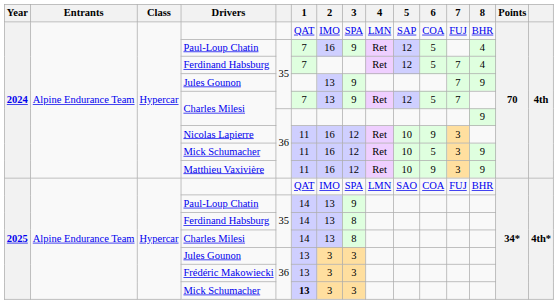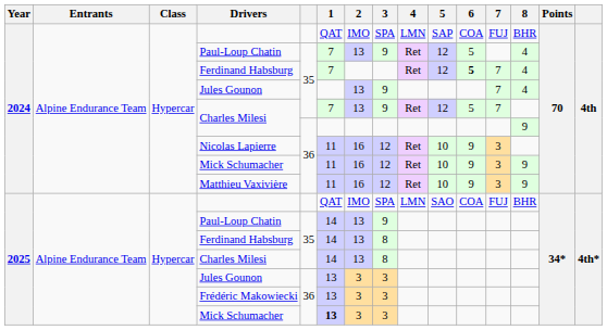 <table class="wikitable" style="text-align:center; font-size:90%">
 <tr>
 <th>Year</th>
 <th>Entrants</th>
 <th>Class</th>
 <th>Drivers</th>
 <th></th>
 <th>1</th>
 <th>2</th>
 <th>3</th>
 <th>4</th>
 <th>5</th>
 <th>6</th>
 <th>7</th>
 <th>8</th>
 <th>Points</th>
 <th></th>
 </tr>
 <tr>
 <th rowspan="9"><a href='#'>2024</a></th>
 <td rowspan="9"><a href='#'>Alpine Endurance Team</a></td>
 <td rowspan="9"><a href='#'>Hypercar</a></td>
 <td></td>
 <td></td>
 <td><a href='#'>QAT</a></td>
 <td><a href='#'>IMO</a></td>
 <td><a href='#'>SPA</a></td>
 <td><a href='#'>LMN</a></td>
 <td><a href='#'>SAP</a></td>
 <td><a href='#'>COA</a></td>
 <td><a href='#'>FUJ</a></td>
 <td><a href='#'>BHR</a></td>
 <th rowspan="9">70</th>
 <th rowspan="9">4th</th>
 </tr>
 <tr>
 <td align="left"> <a href='#'>Paul-Loup Chatin</a></td>
 <td rowspan="4">35</td>
 <td style="background:#DFFFDF;”">7</td>
-<td style="background:#CFCFFF;”">16</td>
+<td style="background:#CFCFFF;”">13</td>
 <td style="background:#DFFFDF;”">9</td>
 <td style="background:#efcfff;">Ret</td>
 <td style="background:#CFCFFF;”">12</td>
 <td style="background:#DFFFDF;”">5</td>
 <td></td>
 <td style="background:#DFFFDF;”">4</td>
 </tr>
 <tr>
 <td align="left"> <a href='#'>Ferdinand Habsburg</a></td>
 <td style="background:#DFFFDF;”">7</td>
 <td></td>
 <td></td>
 <td style="background:#efcfff;">Ret</td>
 <td style="background:#CFCFFF;”">12</td>
-<td style="background:#DFFFDF;”">5</td>
+<td style="background:#DFFFDF;”"><strong>5</strong></td>
 <td style="background:#dfffdf;">7</td>
 <td style="background:#DFFFDF;”">4</td>
 </tr>
 <tr>
 <td align="left"> <a href='#'>Jules Gounon</a></td>
 <td></td>
 <td style="background:#CFCFFF;”">13</td>
 <td style="background:#DFFFDF;”">9</td>
 <td></td>
 <td></td>
 <td></td>
 <td style="background:#dfffdf;">7</td>
-<td style="background:#DFFFDF;">9</td>
+<td style="background:#DFFFDF;”">4</td>
 </tr>
 <tr>
 <td align="left" rowspan="2"> <a href='#'>Charles Milesi</a></td>
 <td style="background:#DFFFDF;”">7</td>
 <td style="background:#CFCFFF;”">13</td>
 <td style="background:#DFFFDF;”">9</td>
 <td style="background:#efcfff;">Ret</td>
 <td style="background:#CFCFFF;”">12</td>
 <td style="background:#DFFFDF;”">5</td>
 <td style="background:#dfffdf;">7</td>
 <td></td>
 </tr>
 <tr>
 <td rowspan="4">36</td>
 <td></td>
 <td></td>
 <td></td>
 <td></td>
 <td></td>
 <td></td>
 <td></td>
 <td style="background:#DFFFDF;">9</td>
 </tr>
 <tr>
 <td align="left"> <a href='#'>Nicolas Lapierre</a></td>
 <td style="background:#CFCFFF;”">11</td>
 <td style="background:#CFCFFF;”">16</td>
 <td style="background:#CFCFFF;”">12</td>
 <td style="background:#efcfff;">Ret</td>
 <td style="background:#dfffdf;">10</td>
 <td style="background:#dfffdf;">9</td>
 <td style="background:#FFDF9F;”">3</td>
 <td></td>
 </tr>
 <tr>
 <td align="left"> <a href='#'>Mick Schumacher</a></td>
 <td style="background:#CFCFFF;”">11</td>
 <td style="background:#CFCFFF;”">16</td>
 <td style="background:#CFCFFF;”">12</td>
 <td style="background:#efcfff;">Ret</td>
 <td style="background:#dfffdf;">10</td>
-<td style="background:#DFFFDF;”">5</td>
+<td style="background:#dfffdf;">9</td>
 <td style="background:#FFDF9F;”">3</td>
 <td style="background:#DFFFDF;”">9</td>
 </tr>
 <tr>
 <td align="left"> <a href='#'>Matthieu Vaxivière</a></td>
 <td style="background:#CFCFFF;”">11</td>
 <td style="background:#CFCFFF;”">16</td>
 <td style="background:#CFCFFF;”">12</td>
 <td style="background:#efcfff;">Ret</td>
 <td style="background:#dfffdf;">10</td>
 <td style="background:#dfffdf;">9</td>
 <td style="background:#FFDF9F;”">3</td>
 <td style="background:#DFFFDF;”">9</td>
 </tr>
 <tr>
 <th rowspan="7"><a href='#'>2025</a></th>
 <td rowspan="7"><a href='#'>Alpine Endurance Team</a></td>
 <td rowspan="7"><a href='#'>Hypercar</a></td>
 <td></td>
 <td></td>
 <td><a href='#'>QAT</a></td>
 <td><a href='#'>IMO</a></td>
 <td><a href='#'>SPA</a></td>
 <td><a href='#'>LMN</a></td>
 <td><a href='#'>SAO</a></td>
 <td><a href='#'>COA</a></td>
 <td><a href='#'>FUJ</a></td>
 <td><a href='#'>BHR</a></td>
 <th rowspan="7">34*</th>
 <th rowspan="7">4th*</th>
 </tr>
 <tr>
 <td align="left"> <a href='#'>Paul-Loup Chatin</a></td>
 <td rowspan="3">35</td>
 <td style="background:#CFCFFF;”">14</td>
 <td style="background:#CFCFFF;”">13</td>
 <td style="background:#dfffdf;">9</td>
 <td></td>
 <td></td>
 <td></td>
 <td></td>
 <td></td>
 </tr>
 <tr>
 <td align="left"> <a href='#'>Ferdinand Habsburg</a></td>
 <td style="background:#CFCFFF;”">14</td>
 <td style="background:#CFCFFF;”">13</td>
 <td style="background:#dfffdf;">8</td>
 <td></td>
 <td></td>
 <td></td>
 <td></td>
 <td></td>
 </tr>
 <tr>
 <td align="left"> <a href='#'>Charles Milesi</a></td>
 <td style="background:#CFCFFF;”">14</td>
 <td style="background:#CFCFFF;”">13</td>
 <td style="background:#dfffdf;">8</td>
 <td></td>
 <td></td>
 <td></td>
 <td></td>
 <td></td>
 </tr>
 <tr>
 <td align="left"> <a href='#'>Jules Gounon</a></td>
 <td rowspan="3">36</td>
 <td style="background:#CFCFFF;”">13</td>
 <td style="background:#FFDF9F;”">3</td>
 <td style="background:#FFDF9F;”">3</td>
 <td></td>
 <td></td>
 <td></td>
 <td></td>
 <td></td>
 </tr>
 <tr>
 <td align="left"> <a href='#'>Frédéric Makowiecki</a></td>
 <td style="background:#CFCFFF;”">13</td>
 <td style="background:#FFDF9F;”">3</td>
 <td style="background:#FFDF9F;”">3</td>
 <td></td>
 <td></td>
 <td></td>
 <td></td>
 <td></td>
 </tr>
 <tr>
 <td align="left"> <a href='#'>Mick Schumacher</a></td>
 <td style="background:#CFCFFF;”"><strong>13</strong></td>
 <td style="background:#FFDF9F;”">3</td>
 <td style="background:#FFDF9F;”">3</td>
 <td></td>
 <td></td>
 <td></td>
 <td></td>
 <td></td>
 </tr>
 </table>
